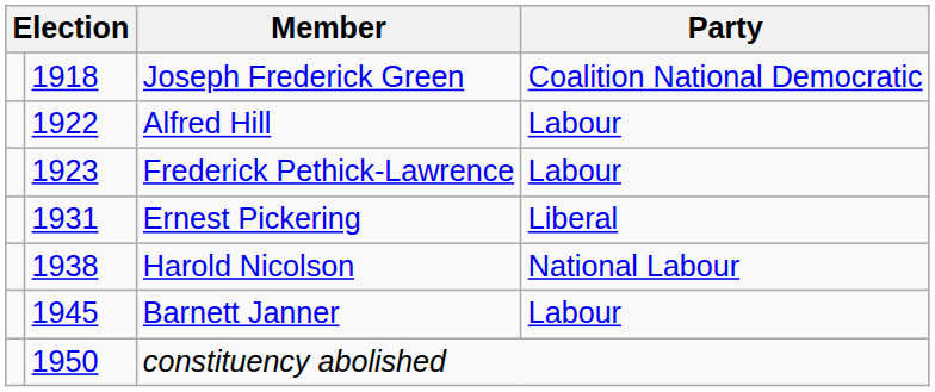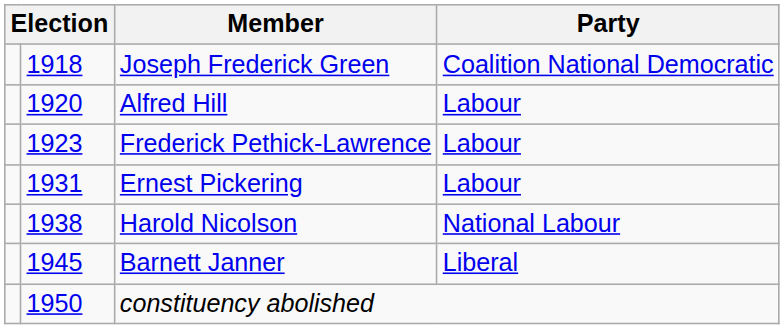 <table class="wikitable">
 <tr>
 <th colspan="2">Election</th>
 <th>Member</th>
 <th>Party</th>
 </tr>
 <tr>
 <td style="color:inherit;background-color: "></td>
 <td><a href='#'>1918</a></td>
 <td><a href='#'>Joseph Frederick Green</a></td>
 <td><a href='#'>Coalition National Democratic</a></td>
 </tr>
 <tr>
 <td style="color:inherit;background-color: "></td>
-<td><a href='#'>1922</a></td>
+<td><a href='#'>1920</a></td>
 <td><a href='#'>Alfred Hill</a></td>
 <td><a href='#'>Labour</a></td>
 </tr>
 <tr>
 <td style="color:inherit;background-color: "></td>
 <td><a href='#'>1923</a></td>
 <td><a href='#'>Frederick Pethick-Lawrence</a></td>
 <td><a href='#'>Labour</a></td>
 </tr>
 <tr>
 <td style="color:inherit;background-color: "></td>
 <td><a href='#'>1931</a></td>
 <td><a href='#'>Ernest Pickering</a></td>
-<td><a href='#'>Liberal</a></td>
+<td><a href='#'>Labour</a></td>
 </tr>
 <tr>
 <td style="color:inherit;background-color: "></td>
 <td><a href='#'>1938</a></td>
 <td><a href='#'>Harold Nicolson</a></td>
 <td><a href='#'>National Labour</a></td>
 </tr>
 <tr>
 <td style="color:inherit;background-color: "></td>
 <td><a href='#'>1945</a></td>
 <td><a href='#'>Barnett Janner</a></td>
-<td><a href='#'>Labour</a></td>
+<td><a href='#'>Liberal</a></td>
 </tr>
 <tr>
 <td></td>
 <td><a href='#'>1950</a></td>
 <td colspan="3"><em>constituency abolished</em></td>
 </tr>
 </table>
